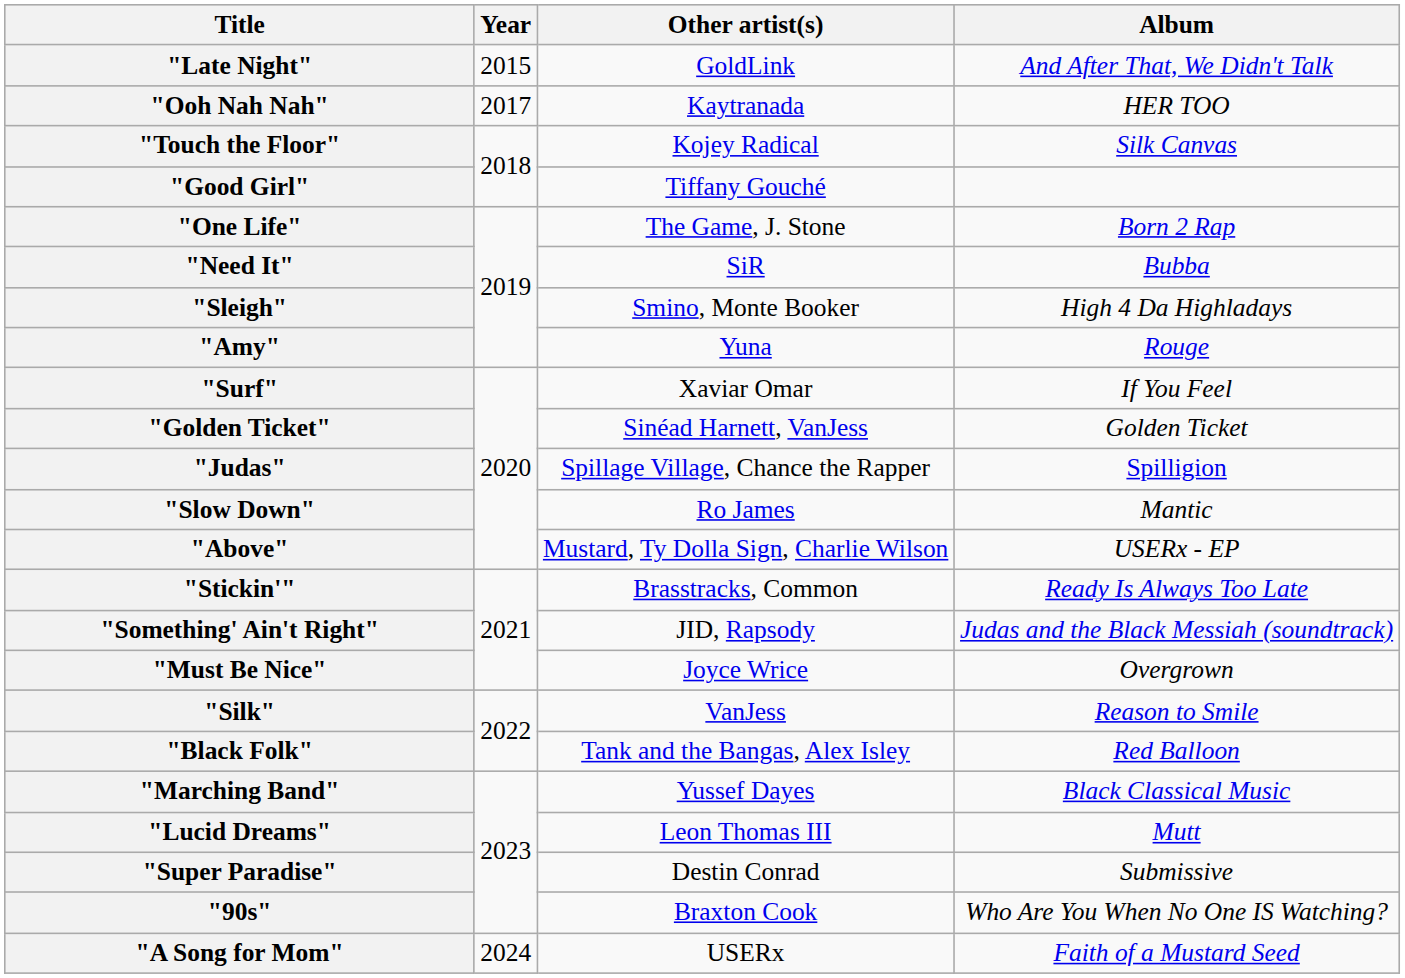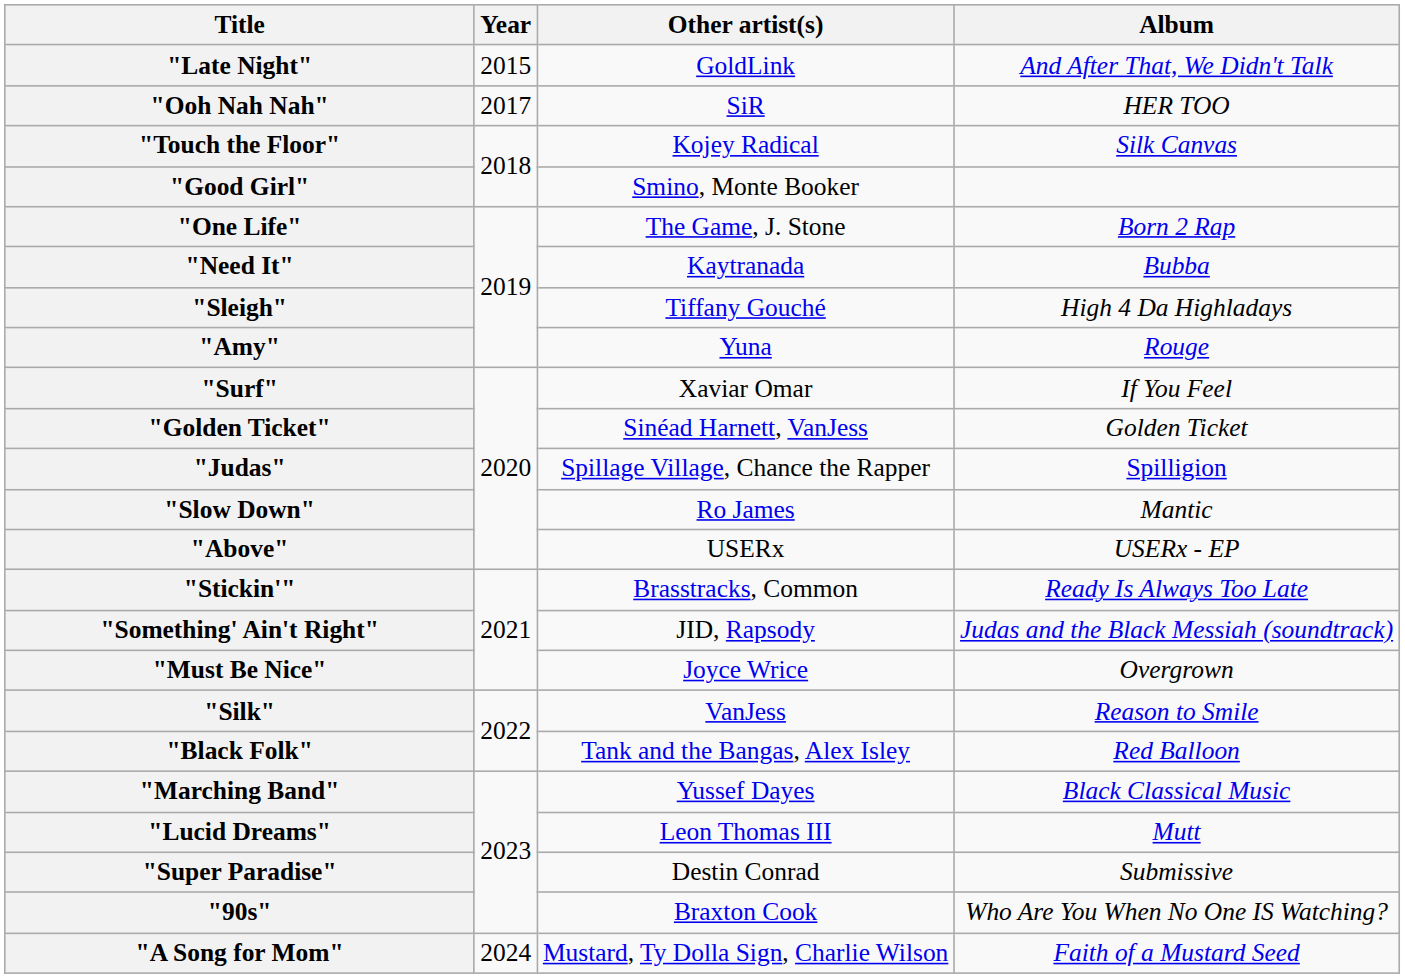 <table class="wikitable plainrowheaders" style="text-align:center;">
 <tr>
 <th scope="col" style="width:18em;">Title</th>
 <th scope="col">Year</th>
 <th scope="col">Other artist(s)</th>
 <th scope="col">Album</th>
 </tr>
 <tr>
 <th scope="row">"Late Night"</th>
 <td>2015</td>
 <td><a href='#'>GoldLink</a></td>
 <td><em><a href='#'>And After That, We Didn't Talk</a></em></td>
 </tr>
 <tr>
 <th scope="row">"Ooh Nah Nah"</th>
 <td>2017</td>
-<td><a href='#'>Kaytranada</a></td>
+<td><a href='#'>SiR</a></td>
 <td><em>HER TOO</em></td>
 </tr>
 <tr>
 <th scope="row">"Touch the Floor"</th>
 <td rowspan="2">2018</td>
 <td><a href='#'>Kojey Radical</a></td>
 <td><em><a href='#'>Silk Canvas</a></em></td>
 </tr>
 <tr>
 <th scope="row">"Good Girl"</th>
-<td><a href='#'>Tiffany Gouché</a></td>
+<td><a href='#'>Smino</a>, Monte Booker</td>
 <td></td>
 </tr>
 <tr>
 <th scope="row">"One Life"</th>
 <td rowspan="4">2019</td>
 <td><a href='#'>The Game</a>, J. Stone</td>
 <td><em><a href='#'>Born 2 Rap</a></em></td>
 </tr>
 <tr>
 <th scope="row">"Need It"</th>
-<td><a href='#'>SiR</a></td>
+<td><a href='#'>Kaytranada</a></td>
 <td><em><a href='#'>Bubba</a></em></td>
 </tr>
 <tr>
 <th scope="row">"Sleigh"</th>
-<td><a href='#'>Smino</a>, Monte Booker</td>
+<td><a href='#'>Tiffany Gouché</a></td>
 <td><em>High 4 Da Highladays</em></td>
 </tr>
 <tr>
 <th scope="row">"Amy"</th>
 <td><a href='#'>Yuna</a></td>
 <td><em><a href='#'>Rouge</a></em></td>
 </tr>
 <tr>
 <th>"Surf"</th>
 <td rowspan="5">2020</td>
 <td>Xaviar Omar</td>
 <td><em>If You Feel</em></td>
 </tr>
 <tr>
 <th>"Golden Ticket"</th>
 <td><a href='#'>Sinéad Harnett</a>, <a href='#'>VanJess</a></td>
 <td><em>Golden Ticket</em></td>
 </tr>
 <tr>
 <th>"Judas"</th>
 <td><a href='#'>Spillage Village</a>, Chance the Rapper</td>
 <td><a href='#'>Spilligion</a></td>
 </tr>
 <tr>
 <th scope="row">"Slow Down"</th>
 <td><a href='#'>Ro James</a></td>
 <td><em>Mantic</em></td>
 </tr>
 <tr>
 <th scope="row">"Above"</th>
-<td><a href='#'>Mustard</a>, <a href='#'>Ty Dolla Sign</a>, <a href='#'>Charlie Wilson</a></td>
+<td>USERx</td>
 <td><em>USERx - EP</em></td>
 </tr>
 <tr>
 <th scope="row">"Stickin'"</th>
 <td rowspan="3">2021</td>
 <td><a href='#'>Brasstracks</a>, Common</td>
 <td><em><a href='#'>Ready Is Always Too Late</a></em></td>
 </tr>
 <tr>
 <th>"Something' Ain't Right"</th>
 <td>JID, <a href='#'>Rapsody</a></td>
 <td><a href='#'><em>Judas and the Black Messiah (soundtrack)</em></a></td>
 </tr>
 <tr>
 <th>"Must Be Nice"</th>
 <td><a href='#'>Joyce Wrice</a></td>
 <td><em>Overgrown</em></td>
 </tr>
 <tr>
 <th scope="row">"Silk"</th>
 <td rowspan="2">2022</td>
 <td><a href='#'>VanJess</a></td>
 <td><em><a href='#'>Reason to Smile</a></em></td>
 </tr>
 <tr>
 <th>"Black Folk"</th>
 <td><a href='#'>Tank and the Bangas</a>, <a href='#'>Alex Isley</a></td>
 <td><a href='#'><em>Red Balloon</em></a></td>
 </tr>
 <tr>
 <th scope="row">"Marching Band"</th>
 <td rowspan="4">2023</td>
 <td><a href='#'>Yussef Dayes</a></td>
 <td><em><a href='#'>Black Classical Music</a></em></td>
 </tr>
 <tr>
 <th>"Lucid Dreams"</th>
 <td><a href='#'>Leon Thomas III</a></td>
 <td><a href='#'><em>Mutt</em></a></td>
 </tr>
 <tr>
 <th>"Super Paradise"</th>
 <td>Destin Conrad</td>
 <td><em>Submissive</em></td>
 </tr>
 <tr>
 <th>"90s"</th>
 <td><a href='#'>Braxton Cook</a></td>
 <td><em>Who Are You When No One IS Watching?</em></td>
 </tr>
 <tr>
 <th scope="row">"A Song for Mom"</th>
 <td>2024</td>
-<td>USERx</td>
+<td><a href='#'>Mustard</a>, <a href='#'>Ty Dolla Sign</a>, <a href='#'>Charlie Wilson</a></td>
 <td><em><a href='#'>Faith of a Mustard Seed</a></em></td>
 </tr>
 </table>
